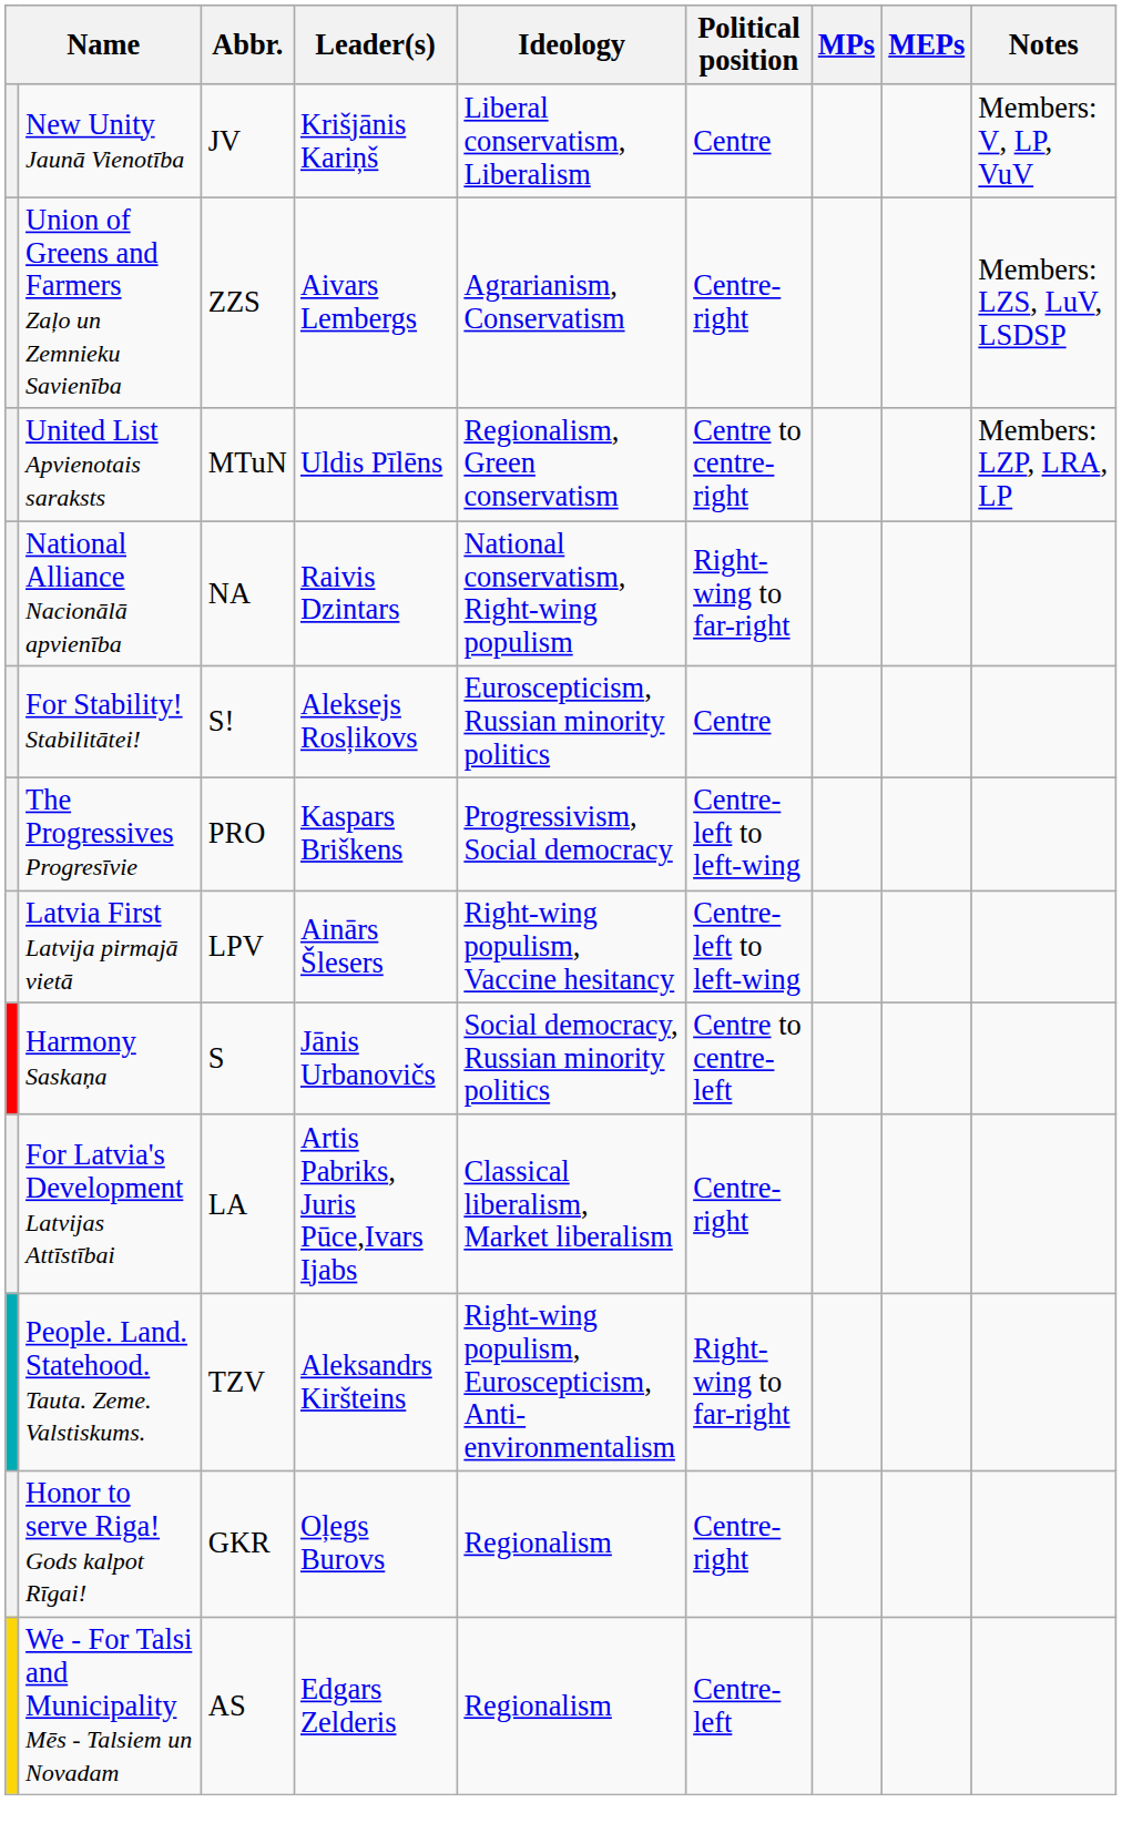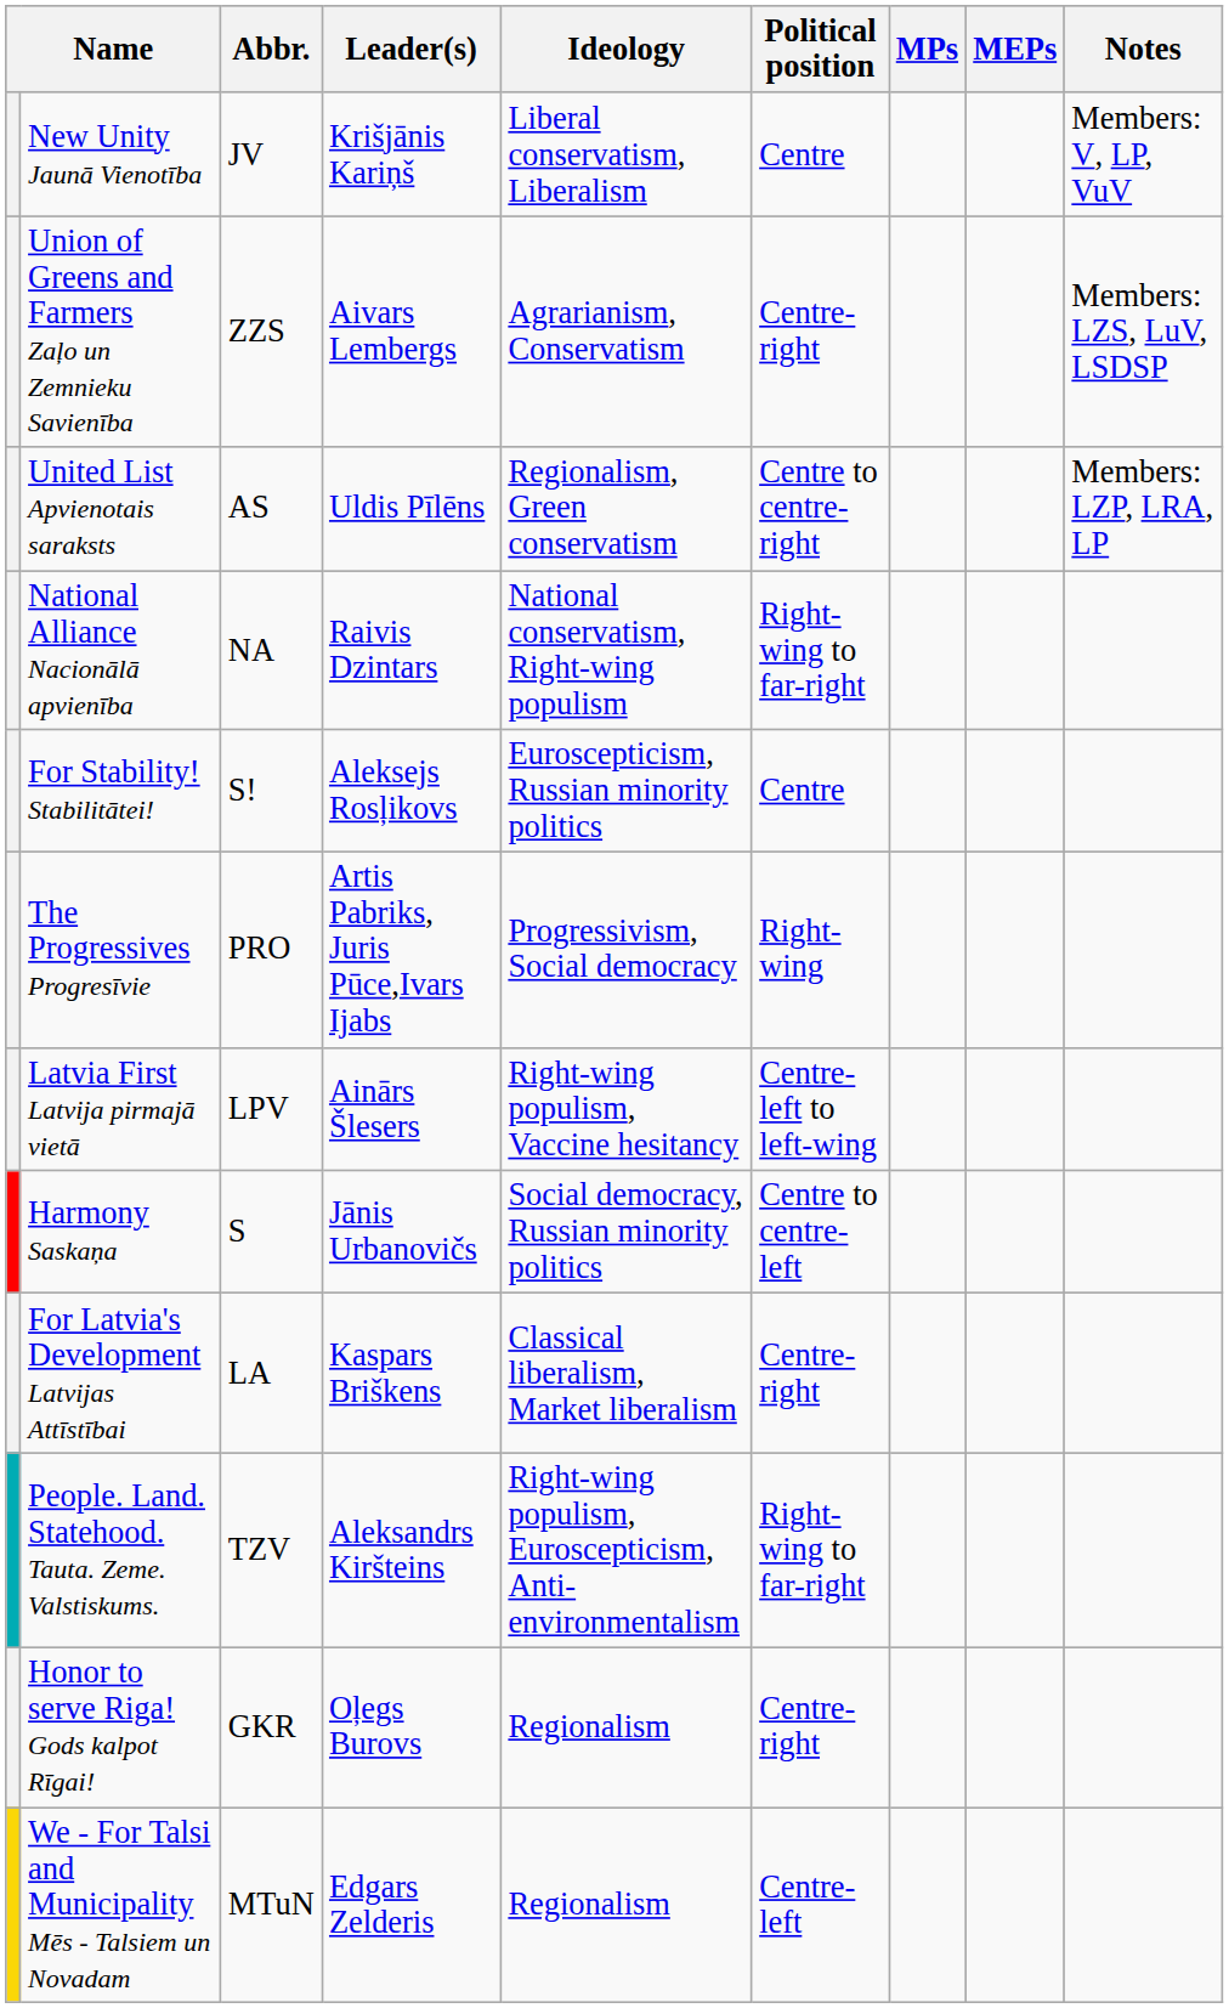 <table class="wikitable sortable">
 <tr>
 <th colspan=2>Name</th>
 <th>Abbr.</th>
 <th>Leader(s)</th>
 <th>Ideology</th>
 <th>Political position</th>
 <th><a href='#'>MPs</a></th>
 <th><a href='#'>MEPs</a></th>
 <th>Notes</th>
 </tr>
 <tr>
 <th style="background-color:"></th>
 <td><a href='#'>New Unity</a>  <br><small><em>Jaunā Vienotība</em></small></td>
 <td>JV</td>
 <td><a href='#'>Krišjānis Kariņš</a></td>
 <td><a href='#'>Liberal conservatism</a>,  <br><a href='#'>Liberalism</a></td>
 <td><a href='#'>Centre</a></td>
 <td></td>
 <td></td>
 <td>Members: <a href='#'>V</a>, <a href='#'>LP</a>, <a href='#'>VuV</a></td>
 </tr>
 <tr>
 <th style="background-color:"></th>
 <td><a href='#'>Union of Greens and Farmers</a> <br><small><em>Zaļo un Zemnieku Savienība</em></small></td>
 <td>ZZS</td>
 <td><a href='#'>Aivars Lembergs</a></td>
 <td><a href='#'>Agrarianism</a>,  <br><a href='#'>Conservatism</a></td>
 <td><a href='#'>Centre-right</a></td>
 <td></td>
 <td></td>
 <td>Members: <a href='#'>LZS</a>, <a href='#'>LuV</a>, <a href='#'>LSDSP</a></td>
 </tr>
 <tr>
 <th style="background-color:"></th>
 <td><a href='#'>United List</a>  <br><small><em>Apvienotais saraksts</em></small></td>
-<td>MTuN</td>
+<td>AS</td>
 <td><a href='#'>Uldis Pīlēns</a></td>
 <td><a href='#'>Regionalism</a>,  <br><a href='#'>Green conservatism</a></td>
 <td><a href='#'>Centre</a> to <a href='#'>centre-right</a></td>
 <td></td>
 <td></td>
 <td>Members: <a href='#'>LZP</a>, <a href='#'>LRA</a>, <a href='#'>LP</a></td>
 </tr>
 <tr>
 <th style="background-color:"></th>
 <td><a href='#'>National Alliance</a>  <br><small><em>Nacionālā apvienība</em></small></td>
 <td>NA</td>
 <td><a href='#'>Raivis Dzintars</a></td>
 <td><a href='#'>National conservatism</a>,  <br><a href='#'>Right-wing populism</a></td>
 <td><a href='#'>Right-wing</a> to <a href='#'>far-right</a></td>
 <td></td>
 <td></td>
 <td></td>
 </tr>
 <tr>
 <th style="background-color:"></th>
 <td><a href='#'>For Stability!</a>  <br><small><em>Stabilitātei!</em></small></td>
 <td>S!</td>
 <td><a href='#'>Aleksejs Rosļikovs</a></td>
 <td><a href='#'>Euroscepticism</a>,  <br><a href='#'>Russian minority politics</a></td>
 <td><a href='#'>Centre</a></td>
 <td></td>
 <td></td>
 <td></td>
 </tr>
 <tr>
 <th style="background-color:"></th>
 <td><a href='#'>The Progressives</a>  <br><small><em>Progresīvie</em></small></td>
 <td>PRO</td>
-<td><a href='#'>Kaspars Briškens</a></td>
+<td><a href='#'>Artis Pabriks</a>, <a href='#'>Juris Pūce</a>,<a href='#'>Ivars Ijabs</a></td>
 <td><a href='#'>Progressivism</a>,  <br><a href='#'>Social democracy</a></td>
-<td><a href='#'>Centre-left</a> to <a href='#'>left-wing</a></td>
+<td><a href='#'>Right-wing</a></td>
 <td></td>
 <td></td>
 <td></td>
 </tr>
 <tr>
 <th style="background-color:"></th>
 <td><a href='#'>Latvia First</a>  <br><small><em>Latvija pirmajā vietā</em></small></td>
 <td>LPV</td>
 <td><a href='#'>Ainārs Šlesers</a></td>
 <td><a href='#'>Right-wing populism</a>,  <br><a href='#'>Vaccine hesitancy</a></td>
 <td><a href='#'>Centre-left</a> to <a href='#'>left-wing</a></td>
 <td></td>
 <td></td>
 <td></td>
 </tr>
 <tr>
 <th style="background-color:#FF0000"></th>
 <td><a href='#'>Harmony</a>  <br><small><em>Saskaņa</em></small></td>
 <td>S</td>
 <td><a href='#'>Jānis Urbanovičs</a></td>
 <td><a href='#'>Social democracy</a>,  <br><a href='#'>Russian minority politics</a></td>
 <td><a href='#'>Centre</a> to <a href='#'>centre-left</a></td>
 <td></td>
 <td></td>
 <td></td>
 </tr>
 <tr>
 <th style="background-color:"></th>
 <td><a href='#'>For Latvia's Development</a><br><small><em>Latvijas Attīstībai</em></small></td>
 <td>LA</td>
-<td><a href='#'>Artis Pabriks</a>, <a href='#'>Juris Pūce</a>,<a href='#'>Ivars Ijabs</a></td>
+<td><a href='#'>Kaspars Briškens</a></td>
 <td><a href='#'>Classical liberalism</a>, <br><a href='#'>Market liberalism</a></td>
 <td><a href='#'>Centre-right</a></td>
 <td></td>
 <td></td>
 </tr>
 <tr>
 <th style="background-color:#00acb4"></th>
 <td><a href='#'>People. Land. Statehood.</a> <br><small><em>Tauta. Zeme. Valstiskums.</em></small></td>
 <td>TZV</td>
 <td><a href='#'>Aleksandrs Kiršteins</a></td>
 <td><a href='#'>Right-wing populism</a>, <br><a href='#'>Euroscepticism</a>, <br><a href='#'>Anti-environmentalism</a></td>
 <td><a href='#'>Right-wing</a> to <a href='#'>far-right</a></td>
 <td></td>
 <td></td>
 <td></td>
 </tr>
 <tr>
 <th style="background-color:"></th>
 <td><a href='#'>Honor to serve Riga!</a>  <br><small><em>Gods kalpot Rīgai!</em></small></td>
 <td>GKR</td>
 <td><a href='#'>Oļegs Burovs</a></td>
 <td><a href='#'>Regionalism</a></td>
 <td><a href='#'>Centre-right</a></td>
 <td></td>
 <td></td>
 <td></td>
 </tr>
 <tr>
 <th style="background-color:#FBD707"></th>
 <td><a href='#'>We - For Talsi and Municipality</a>   <br><small><em>Mēs - Talsiem un Novadam</em></small></td>
-<td>AS</td>
+<td>MTuN</td>
 <td><a href='#'>Edgars Zelderis</a></td>
 <td><a href='#'>Regionalism</a></td>
 <td><a href='#'>Centre-left</a></td>
 <td></td>
 <td></td>
 </tr>
 </table>
